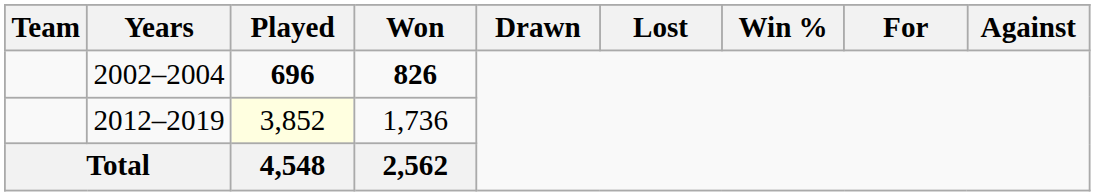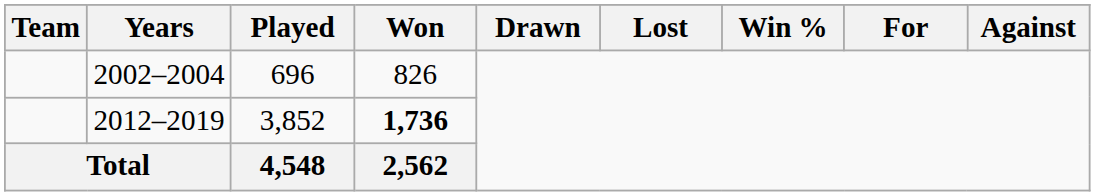 <table class="wikitable" style="text-align:center">
 <tr>
 <th>Team</th>
 <th>Years</th>
 <th width=60px>Played</th>
 <th width=60px>Won</th>
 <th width=60px>Drawn</th>
 <th width=60px>Lost</th>
 <th width=60px>Win %</th>
 <th width=60px>For</th>
 <th width=60px>Against</th>
 </tr>
 <tr>
 <td></td>
 <td>2002–2004<br></td>
-<td><strong>696</strong></td>
-<td><strong>826</strong></td>
+<td>696</td>
+<td>826</td>
 </tr>
 <tr>
 <td></td>
 <td>2012–2019<br></td>
-<td style="background: lightyellow;">3,852</td>
-<td>1,736</td>
+<td>3,852</td>
+<td><strong>1,736</strong></td>
 </tr>
 <tr>
 <th colspan="2">Total<br></th>
 <th>4,548</th>
 <th>2,562</th>
 </tr>
 </table>
